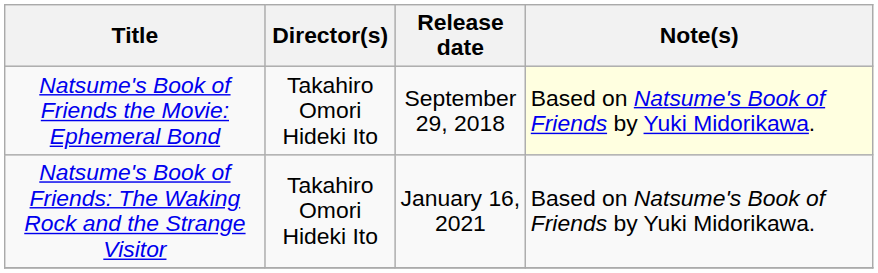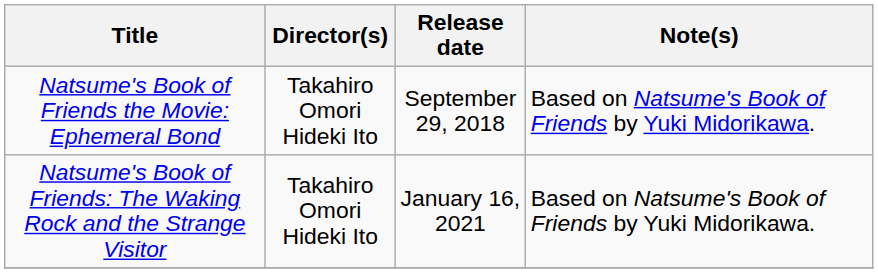 <table class="wikitable sortable" style="text-align:center; margin=auto; ">
 <tr>
 <th scope="col" width=30%>Title</th>
 <th scope="col" width=15%>Director(s)</th>
 <th scope="col" width=15%>Release date</th>
 <th scope="col" class="unsortable">Note(s)</th>
 </tr>
 <tr>
 <td><em><a href='#'>Natsume's Book of Friends the Movie: Ephemeral Bond</a></em></td>
 <td>Takahiro Omori <br>Hideki Ito</td>
 <td>September 29, 2018</td>
-<td style="background: lightyellow; text-align:left;">Based on <em><a href='#'>Natsume's Book of Friends</a></em> by <a href='#'>Yuki Midorikawa</a>.</td>
+<td style="text-align:left;">Based on <em><a href='#'>Natsume's Book of Friends</a></em> by <a href='#'>Yuki Midorikawa</a>.</td>
 </tr>
 <tr>
 <td><em><a href='#'>Natsume's Book of Friends: The Waking Rock and the Strange Visitor</a></em></td>
 <td>Takahiro Omori <br>Hideki Ito</td>
 <td>January 16, 2021</td>
 <td style="text-align:left;">Based on <em>Natsume's Book of Friends</em> by Yuki Midorikawa.</td>
 </tr>
 <tr>
 </tr>
 </table>
